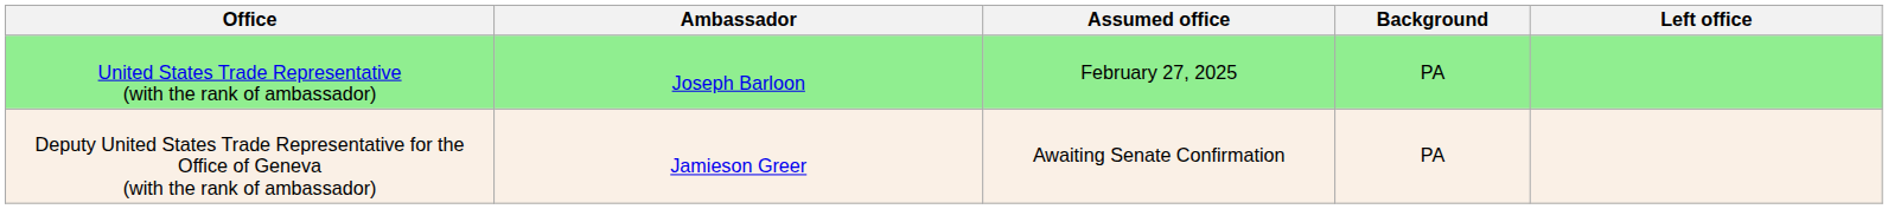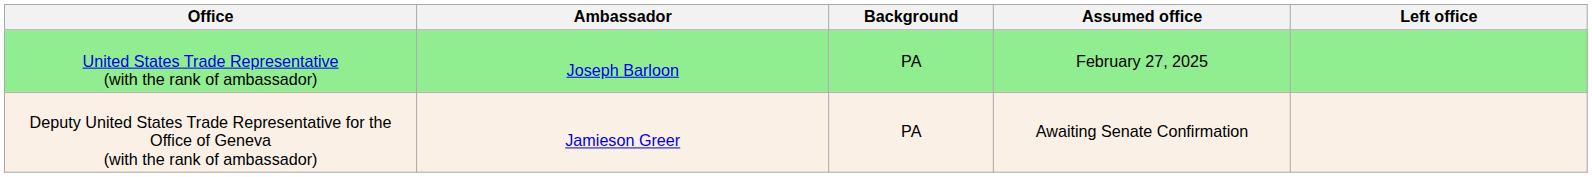 <table class="wikitable sortable" style="text-align:center">
 <tr>
 <th style="width:25%;">Office</th>
 <th style="width:25%;">Ambassador</th>
+<th style="width:10%;">Background</th>
 <th style="width:18%;" data-sort-="" type="date">Assumed office</th>
-<th style="width:10%;">Background</th>
 <th style="width:18%;" data-sort-="" type="date">Left office</th>
 </tr>
 <tr style="background:lightgreen">
 <td><br><a href='#'>United States Trade Representative</a><br>(with the rank of ambassador)</td>
 <td><br><a href='#'>Joseph Barloon</a></td>
+<td>PA</td>
 <td>February 27, 2025<br></td>
-<td>PA</td>
 <td></td>
 </tr>
 <tr style="background:linen">
 <td><br>Deputy United States Trade Representative for the Office of Geneva<br>(with the rank of ambassador)</td>
 <td><br><a href='#'>Jamieson Greer</a></td>
+<td>PA</td>
 <td>Awaiting Senate Confirmation</td>
-<td>PA</td>
 <td></td>
 </tr>
 </table>
